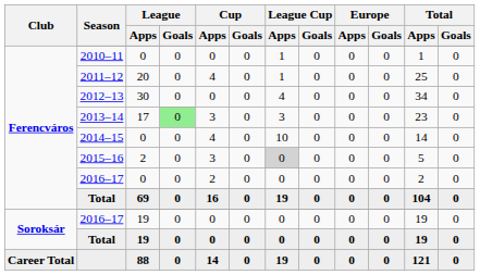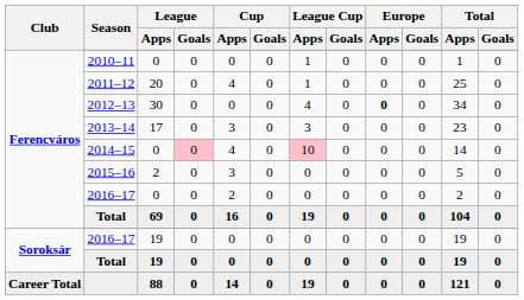 <table class="wikitable" style="font-size:90%; text-align: center;">
 <tr>
 <th rowspan="2">Club</th>
 <th rowspan="2">Season</th>
 <th colspan="2">League</th>
 <th colspan="2">Cup</th>
 <th colspan="2">League Cup</th>
 <th colspan="2">Europe</th>
 <th colspan="2">Total</th>
 </tr>
 <tr>
 <th>Apps</th>
 <th>Goals</th>
 <th>Apps</th>
 <th>Goals</th>
 <th>Apps</th>
 <th>Goals</th>
 <th>Apps</th>
 <th>Goals</th>
 <th>Apps</th>
 <th>Goals</th>
 </tr>
 <tr ||-||-||-|->
 <td rowspan="9" valign="center"><strong><a href='#'>Ferencváros</a></strong></td>
 </tr>
 <tr>
 <td><a href='#'>2010–11</a></td>
 <td>0</td>
 <td>0</td>
 <td>0</td>
 <td>0</td>
 <td>1</td>
 <td>0</td>
 <td>0</td>
 <td>0</td>
 <td>1</td>
 <td>0</td>
 </tr>
 <tr>
 <td><a href='#'>2011–12</a></td>
 <td>20</td>
 <td>0</td>
 <td>4</td>
 <td>0</td>
 <td>1</td>
 <td>0</td>
 <td>0</td>
 <td>0</td>
 <td>25</td>
 <td>0</td>
 </tr>
 <tr>
 <td><a href='#'>2012–13</a></td>
 <td>30</td>
 <td>0</td>
 <td>0</td>
 <td>0</td>
 <td>4</td>
 <td>0</td>
-<td>0</td>
+<td><strong>0</strong></td>
 <td>0</td>
 <td>34</td>
 <td>0</td>
 </tr>
 <tr>
 <td><a href='#'>2013–14</a></td>
 <td>17</td>
-<td style="background: lightgreen;">0</td>
+<td>0</td>
 <td>3</td>
 <td>0</td>
 <td>3</td>
 <td>0</td>
 <td>0</td>
 <td>0</td>
 <td>23</td>
 <td>0</td>
 </tr>
 <tr>
 <td><a href='#'>2014–15</a></td>
 <td>0</td>
-<td>0</td>
+<td style="background: pink;">0</td>
 <td>4</td>
 <td>0</td>
-<td>10</td>
+<td style="background: pink;">10</td>
 <td>0</td>
 <td>0</td>
 <td>0</td>
 <td>14</td>
 <td>0</td>
 </tr>
 <tr>
 <td><a href='#'>2015–16</a></td>
 <td>2</td>
 <td>0</td>
 <td>3</td>
 <td>0</td>
-<td style="background: lightgrey;">0</td>
+<td>0</td>
 <td>0</td>
 <td>0</td>
 <td>0</td>
 <td>5</td>
 <td>0</td>
 </tr>
 <tr>
 <td><a href='#'>2016–17</a></td>
 <td>0</td>
 <td>0</td>
 <td>2</td>
 <td>0</td>
 <td>0</td>
 <td>0</td>
 <td>0</td>
 <td>0</td>
 <td>2</td>
 <td>0</td>
 </tr>
 <tr style="font-weight:bold; background-color:#eeeeee;">
 <td>Total</td>
 <td>69</td>
 <td>0</td>
 <td>16</td>
 <td>0</td>
 <td>19</td>
 <td>0</td>
 <td>0</td>
 <td>0</td>
 <td>104</td>
 <td>0</td>
 </tr>
 <tr>
 <td rowspan="3" valign="center"><strong><a href='#'>Soroksár</a></strong></td>
 </tr>
 <tr>
 <td><a href='#'>2016–17</a></td>
 <td>19</td>
 <td>0</td>
 <td>0</td>
 <td>0</td>
 <td>0</td>
 <td>0</td>
 <td>0</td>
 <td>0</td>
 <td>19</td>
 <td>0</td>
 </tr>
 <tr style="font-weight:bold; background-color:#eeeeee;">
 <td>Total</td>
 <td>19</td>
 <td>0</td>
 <td>0</td>
 <td>0</td>
 <td>0</td>
 <td>0</td>
 <td>0</td>
 <td>0</td>
 <td>19</td>
 <td>0</td>
 </tr>
 <tr style="font-weight:bold; background-color:#eeeeee;">
 <td rowspan="1" valign="top"><strong>Career Total</strong></td>
 <td></td>
 <td><strong>88</strong></td>
 <td><strong>0</strong></td>
 <td><strong>14</strong></td>
 <td><strong>0</strong></td>
 <td><strong>19</strong></td>
 <td><strong>0</strong></td>
 <td><strong>0</strong></td>
 <td><strong>0</strong></td>
 <td><strong>121</strong></td>
 <td><strong>0</strong></td>
 </tr>
 </table>
